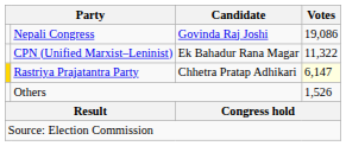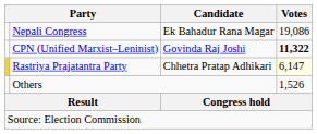 <table class="wikitable">
 <tr>
 <th colspan="2">Party</th>
 <th>Candidate</th>
 <th>Votes</th>
 </tr>
 <tr>
 <td style="background-color:"></td>
 <td><a href='#'>Nepali Congress</a></td>
-<td><a href='#'>Govinda Raj Joshi</a></td>
+<td>Ek Bahadur Rana Magar</td>
 <td>19,086</td>
 </tr>
 <tr>
 <td style="background-color:"></td>
 <td><a href='#'>CPN (Unified Marxist–Leninist)</a></td>
-<td>Ek Bahadur Rana Magar</td>
-<td>11,322</td>
+<td><a href='#'>Govinda Raj Joshi</a></td>
+<td><strong>11,322</strong></td>
 </tr>
 <tr>
 <td style="background-color:gold"></td>
 <td><a href='#'>Rastriya Prajatantra Party</a></td>
 <td>Chhetra Pratap Adhikari</td>
 <td style="background: lightyellow;">6,147</td>
 </tr>
 <tr>
 <td></td>
 <td colspan="2">Others</td>
 <td>1,526</td>
 </tr>
 <tr>
 <th colspan="2">Result</th>
 <th colspan="2">Congress hold</th>
 </tr>
 <tr>
 <td colspan="4">Source: Election Commission</td>
 </tr>
 </table>
